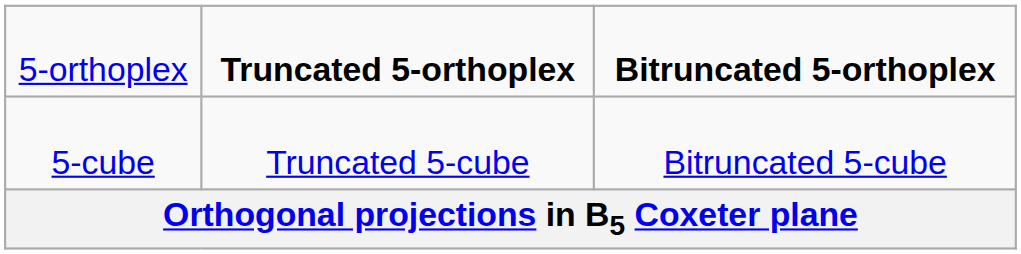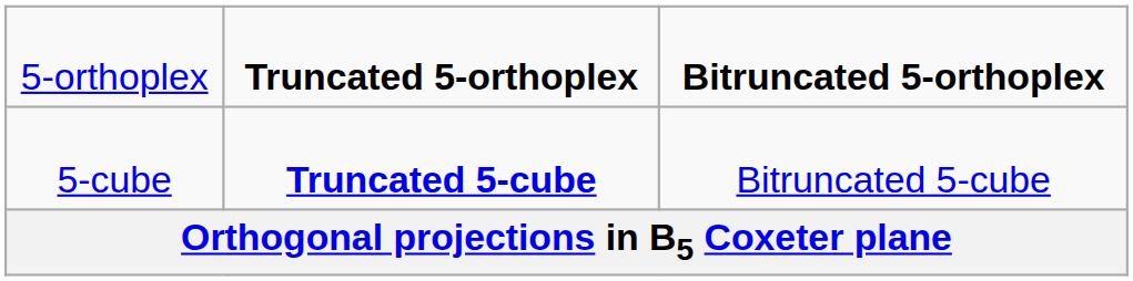 <table class=wikitable align=right width=480 style="margin-left:1em;">
 <tr align=center valign=top>
 <td><br><a href='#'>5-orthoplex</a><br></td>
 <td><br><strong>Truncated 5-orthoplex</strong><br></td>
 <td><br><strong>Bitruncated 5-orthoplex</strong><br></td>
 </tr>
 <tr align=center valign=top>
 <td><br><a href='#'>5-cube</a><br></td>
-<td><br><a href='#'>Truncated 5-cube</a><br></td>
+<td><strong><br><a href='#'>Truncated 5-cube</a><br></strong></td>
 <td><br><a href='#'>Bitruncated 5-cube</a><br></td>
 </tr>
 <tr>
 <th colspan=4><a href='#'>Orthogonal projections</a> in B<sub>5</sub> <a href='#'>Coxeter plane</a></th>
 </tr>
 </table>
